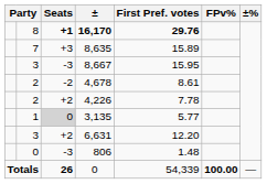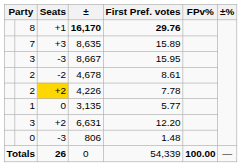 <table class=wikitable>
 <tr>
 <th colspan=2 align=center>Party</th>
 <th valign=top>Seats</th>
 <th valign=top>±</th>
 <th valign=top>First Pref. votes</th>
 <th valign=top>FPv%</th>
 <th valign=top>±%</th>
 </tr>
 <tr>
 <td></td>
 <td align=right>8</td>
-<td align=right><strong>+1</strong></td>
+<td align=right>+1</td>
 <td align=right><strong>16,170</strong></td>
 <td align=right><strong>29.76</strong></td>
 <td align=right></td>
 </tr>
 <tr>
 <td></td>
 <td align=right>7</td>
 <td align=right>+3</td>
 <td align=right>8,635</td>
 <td align=right>15.89</td>
 <td align=right></td>
 </tr>
 <tr>
 <td></td>
 <td align=right>3</td>
 <td align=right>-3</td>
 <td align=right>8,667</td>
 <td align=right>15.95</td>
 <td align=right></td>
 </tr>
 <tr>
 <td></td>
 <td align=right>2</td>
 <td align=right>-2</td>
 <td align=right>4,678</td>
 <td align=right>8.61</td>
 <td align=right></td>
 </tr>
 <tr>
 <td></td>
 <td align=right>2</td>
-<td align=right>+2</td>
+<td align=right style="background: gold;">+2</td>
 <td align=right>4,226</td>
 <td align=right>7.78</td>
 <td align=right></td>
 </tr>
 <tr>
 <td></td>
 <td align=right>1</td>
-<td align=right style="background: lightgrey;">0</td>
+<td align=right>0</td>
 <td align=right>3,135</td>
 <td align=right>5.77</td>
 <td align=right></td>
 </tr>
 <tr>
 <td></td>
 <td align=right>3</td>
 <td align=right>+2</td>
 <td align=right>6,631</td>
 <td align=right>12.20</td>
 <td align=right></td>
 </tr>
 <tr>
 <td></td>
 <td align=right>0</td>
 <td align=right>-3</td>
 <td align=right>806</td>
 <td align=right>1.48</td>
 <td align=right></td>
 </tr>
 <tr>
 <td colspan=2 align=center><strong>Totals</strong></td>
 <td align=right><strong>26</strong></td>
 <td align=center>0</td>
 <td align=right>54,339</td>
 <td align=center><strong>100.00</strong></td>
 <td align=center>—</td>
 </tr>
 </table>
